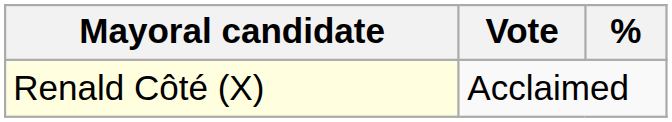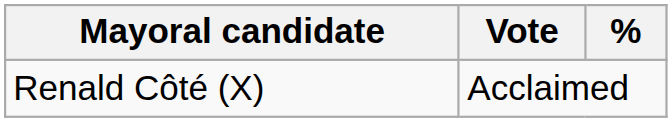 <table class="wikitable">
 <tr>
 <th bgcolor="#DDDDFF" width="200px">Mayoral candidate</th>
 <th bgcolor="#DDDDFF" width="50px">Vote</th>
 <th bgcolor="#DDDDFF"  width="30px">%</th>
 </tr>
 <tr>
-<td style="background: lightyellow;">Renald Côté (X)</td>
+<td>Renald Côté (X)</td>
 <td colspan="2">Acclaimed</td>
 </tr>
 </table>
